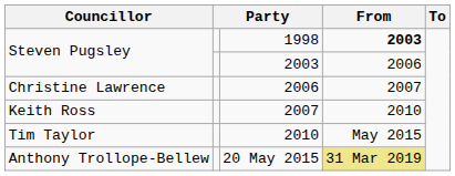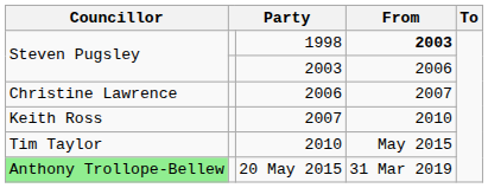 <table class=wikitable>
 <tr>
 <th>Councillor</th>
 <th colspan=2>Party</th>
 <th>From</th>
 <th>To</th>
 </tr>
 <tr>
 <td rowspan=2>Steven Pugsley</td>
 <td></td>
 <td align=right>1998</td>
 <td align=right><strong>2003</strong></td>
 </tr>
 <tr>
 <td></td>
 <td align=right>2003</td>
 <td align=right>2006</td>
 </tr>
 <tr>
 <td>Christine Lawrence</td>
 <td></td>
 <td align=right>2006</td>
 <td align=right>2007</td>
 </tr>
 <tr>
 <td>Keith Ross</td>
 <td></td>
 <td align=right>2007</td>
 <td align=right>2010</td>
 </tr>
 <tr>
 <td>Tim Taylor</td>
 <td></td>
 <td align=right>2010</td>
 <td align=right>May 2015</td>
 </tr>
 <tr>
-<td>Anthony Trollope-Bellew</td>
+<td style="background: lightgreen;">Anthony Trollope-Bellew</td>
 <td></td>
 <td align=right>20 May 2015</td>
-<td align=right style="background: khaki;">31 Mar 2019</td>
+<td align=right>31 Mar 2019</td>
 </tr>
 </table>
